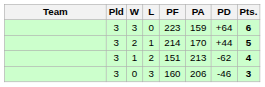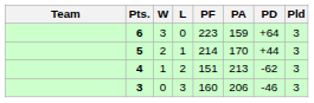 <table class=wikitable style="text-align:center">
 <tr>
 <th width=160>Team</th>
-<th width=20>Pld</th>
+<th width=30>Pts.</th>
 <th width=20>W</th>
 <th width=20>L</th>
 <th width=35>PF</th>
 <th width=35>PA</th>
 <th width=35>PD</th>
-<th width=30>Pts.</th>
+<th width=20>Pld</th>
 </tr>
 <tr align="center" bgcolor="#CCFFCC">
 <td align=left></td>
-<td>3</td>
+<td><strong>6</strong></td>
 <td>3</td>
 <td>0</td>
 <td>223</td>
 <td>159</td>
 <td>+64</td>
-<td><strong>6</strong></td>
+<td>3</td>
 </tr>
 <tr align="center" bgcolor="#CCFFCC">
 <td align=left></td>
-<td>3</td>
+<td><strong>5</strong></td>
 <td>2</td>
 <td>1</td>
 <td>214</td>
 <td>170</td>
 <td>+44</td>
-<td><strong>5</strong></td>
+<td>3</td>
 </tr>
 <tr align="center" bgcolor="#CCFFCC">
 <td align=left></td>
-<td>3</td>
+<td><strong>4</strong></td>
 <td>1</td>
 <td>2</td>
 <td>151</td>
 <td>213</td>
 <td>-62</td>
-<td><strong>4</strong></td>
+<td>3</td>
 </tr>
 <tr align="center" bgcolor="#CCFFCC">
 <td align=left></td>
-<td>3</td>
+<td><strong>3</strong></td>
 <td>0</td>
 <td>3</td>
 <td>160</td>
 <td>206</td>
 <td>-46</td>
-<td><strong>3</strong></td>
+<td>3</td>
 </tr>
 </table>
